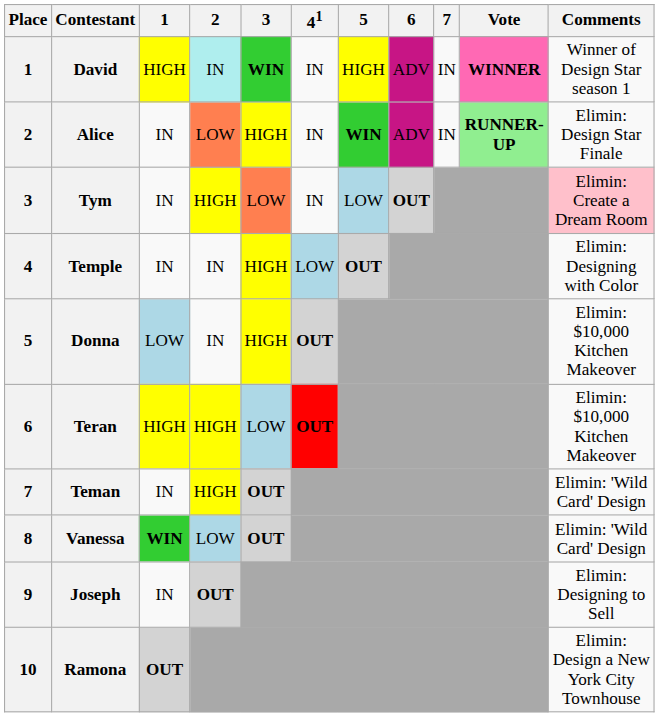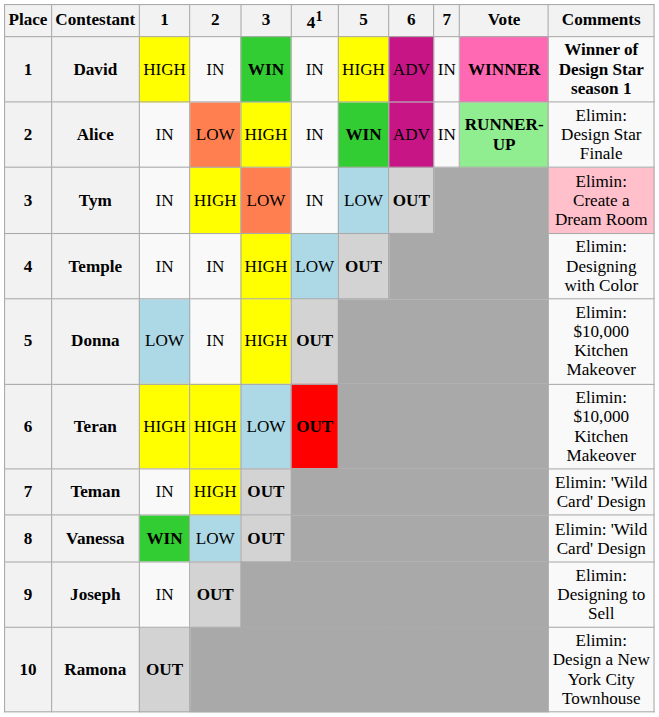 <table class="wikitable" style="text-align:center">
 <tr>
 <th>Place</th>
 <th>Contestant</th>
 <th>1</th>
 <th>2</th>
 <th>3</th>
 <th>4<sup>1</sup></th>
 <th>5</th>
 <th>6</th>
 <th>7</th>
 <th>Vote</th>
 <th>Comments</th>
 </tr>
 <tr>
 <th>1</th>
 <th>David</th>
 <td style="background:yellow;">HIGH</td>
-<td style="background: paleturquoise;">IN</td>
+<td>IN</td>
 <td style="background:limegreen;"><strong>WIN</strong></td>
 <td>IN</td>
 <td style="background:yellow;">HIGH</td>
 <td style="background:mediumvioletred;">ADV</td>
 <td>IN</td>
 <td style="background:hotpink;"><strong>WINNER</strong></td>
-<td>Winner of Design Star season 1</td>
+<td><strong>Winner of Design Star season 1</strong></td>
 </tr>
 <tr>
 <th>2</th>
 <th>Alice</th>
 <td>IN</td>
 <td style="background:coral;">LOW</td>
 <td style="background:yellow;">HIGH</td>
 <td>IN</td>
 <td style="background:limegreen;"><strong>WIN</strong></td>
 <td style="background:mediumvioletred;">ADV</td>
 <td>IN</td>
 <td style="background:lightgreen;"><strong>RUNNER-UP</strong></td>
 <td>Elimin: Design Star Finale</td>
 </tr>
 <tr>
 <th>3</th>
 <th>Tym</th>
 <td>IN</td>
 <td style="background:yellow;">HIGH</td>
 <td style="background:coral;">LOW</td>
 <td>IN</td>
 <td style="background:lightblue;">LOW</td>
 <td style="background:lightgrey;"><strong>OUT</strong></td>
 <td colspan=2 style="background:darkgray;"></td>
 <td style="background: pink;">Elimin: Create a Dream Room</td>
 </tr>
 <tr>
 <th>4</th>
 <th>Temple</th>
 <td>IN</td>
 <td>IN</td>
 <td style="background:yellow;">HIGH</td>
 <td style="background:lightblue;">LOW</td>
 <td style="background:lightgrey;"><strong>OUT</strong></td>
 <td colspan=3 style="background:darkgray;"></td>
 <td>Elimin: Designing with Color</td>
 </tr>
 <tr>
 <th>5</th>
 <th>Donna</th>
 <td style="background:lightblue;">LOW</td>
 <td>IN</td>
 <td style="background:yellow;">HIGH</td>
 <td style="background:lightgrey;"><strong>OUT</strong></td>
 <td colspan=4 style="background:darkgray;"></td>
 <td>Elimin: $10,000 Kitchen Makeover</td>
 </tr>
 <tr>
 <th>6</th>
 <th>Teran</th>
 <td style="background:yellow;">HIGH</td>
 <td style="background:yellow;">HIGH</td>
 <td style="background:lightblue;">LOW</td>
 <td style="background:red;"><strong>OUT</strong></td>
 <td colspan=4 style="background:darkgray;"></td>
 <td>Elimin: $10,000 Kitchen Makeover</td>
 </tr>
 <tr>
 <th>7</th>
 <th>Teman</th>
 <td>IN</td>
 <td style="background:yellow;">HIGH</td>
 <td style="background:lightgrey;"><strong>OUT</strong></td>
 <td colspan=5 style="background:darkgray;"></td>
 <td>Elimin: 'Wild Card' Design</td>
 </tr>
 <tr>
 <th>8</th>
 <th>Vanessa</th>
 <td style="background:limegreen;"><strong>WIN</strong></td>
 <td style="background:lightblue;">LOW</td>
 <td style="background:lightgrey;"><strong>OUT</strong></td>
 <td colspan=5 style="background:darkgray;"></td>
 <td>Elimin: 'Wild Card' Design</td>
 </tr>
 <tr>
 <th>9</th>
 <th>Joseph</th>
 <td>IN</td>
 <td style="background:lightgrey;"><strong>OUT</strong></td>
 <td colspan=6 style="background:darkgray;"></td>
 <td>Elimin: Designing to Sell</td>
 </tr>
 <tr>
 <th>10</th>
 <th>Ramona</th>
 <td style="background:lightgrey;"><strong>OUT</strong></td>
 <td colspan=7 style="background:darkgray;"></td>
 <td>Elimin: Design a New York City Townhouse</td>
 </tr>
 </table>
